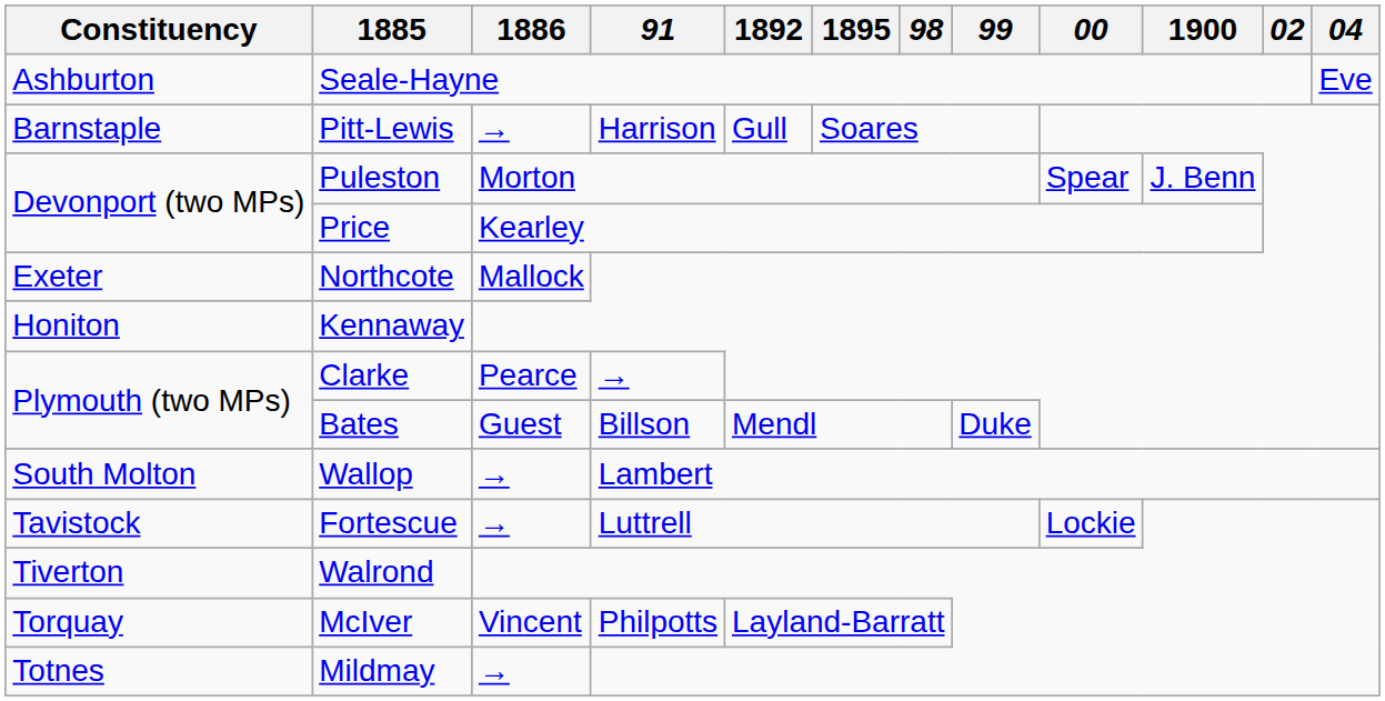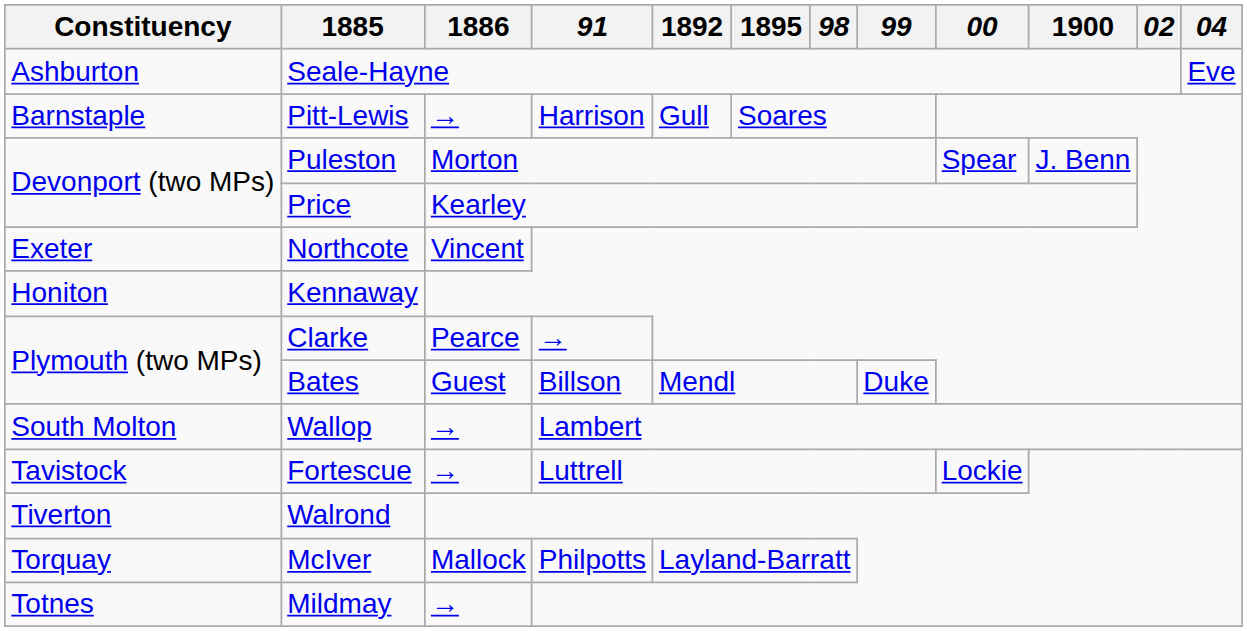 <table class="wikitable">
 <tr>
 <th>Constituency</th>
 <th>1885</th>
 <th>1886</th>
 <th><em>91</em></th>
 <th>1892</th>
 <th>1895</th>
 <th><em>98</em></th>
 <th><em>99</em></th>
 <th><em>00</em></th>
 <th>1900</th>
 <th><em>02</em></th>
 <th><em>04</em></th>
 </tr>
 <tr>
 <td><a href='#'>Ashburton</a></td>
 <td colspan="10"><a href='#'>Seale-Hayne</a></td>
 <td><a href='#'>Eve</a></td>
 </tr>
 <tr>
 <td><a href='#'>Barnstaple</a></td>
 <td><a href='#'>Pitt-Lewis</a></td>
 <td><a href='#'>→</a></td>
 <td><a href='#'>Harrison</a></td>
 <td><a href='#'>Gull</a></td>
 <td colspan="3"><a href='#'>Soares</a></td>
 </tr>
 <tr>
 <td rowspan="2"><a href='#'>Devonport</a> (two MPs)</td>
 <td><a href='#'>Puleston</a></td>
 <td colspan="6"><a href='#'>Morton</a></td>
 <td><a href='#'>Spear</a></td>
 <td><a href='#'>J. Benn</a></td>
 </tr>
 <tr>
 <td><a href='#'>Price</a></td>
 <td colspan="8"><a href='#'>Kearley</a></td>
 </tr>
 <tr>
 <td><a href='#'>Exeter</a></td>
 <td><a href='#'>Northcote</a></td>
-<td><a href='#'>Mallock</a></td>
+<td><a href='#'>Vincent</a></td>
 </tr>
 <tr>
 <td><a href='#'>Honiton</a></td>
 <td><a href='#'>Kennaway</a></td>
 </tr>
 <tr>
 <td rowspan="2"><a href='#'>Plymouth</a> (two MPs)</td>
 <td><a href='#'>Clarke</a></td>
 <td><a href='#'>Pearce</a></td>
 <td><a href='#'>→</a></td>
 </tr>
 <tr>
 <td><a href='#'>Bates</a></td>
 <td><a href='#'>Guest</a></td>
 <td><a href='#'>Billson</a></td>
 <td colspan="3"><a href='#'>Mendl</a></td>
 <td><a href='#'>Duke</a></td>
 </tr>
 <tr>
 <td><a href='#'>South Molton</a></td>
 <td><a href='#'>Wallop</a></td>
 <td><a href='#'>→</a></td>
 <td colspan="9"><a href='#'>Lambert</a></td>
 </tr>
 <tr>
 <td><a href='#'>Tavistock</a></td>
 <td><a href='#'>Fortescue</a></td>
 <td><a href='#'>→</a></td>
 <td colspan="5"><a href='#'>Luttrell</a></td>
 <td><a href='#'>Lockie</a></td>
 </tr>
 <tr>
 <td><a href='#'>Tiverton</a></td>
 <td><a href='#'>Walrond</a></td>
 </tr>
 <tr>
 <td><a href='#'>Torquay</a></td>
 <td><a href='#'>McIver</a></td>
-<td><a href='#'>Vincent</a></td>
+<td><a href='#'>Mallock</a></td>
 <td><a href='#'>Philpotts</a></td>
 <td colspan="3"><a href='#'>Layland-Barratt</a></td>
 </tr>
 <tr>
 <td><a href='#'>Totnes</a></td>
 <td><a href='#'>Mildmay</a></td>
 <td><a href='#'>→</a></td>
 </tr>
 </table>
